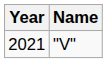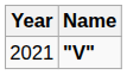 <table class="wikitable">
 <tr>
 <th>Year</th>
 <th>Name</th>
 </tr>
 <tr>
 <td>2021</td>
-<td>"V"</td>
+<td><strong>"V"</strong></td>
 </tr>
 </table>
